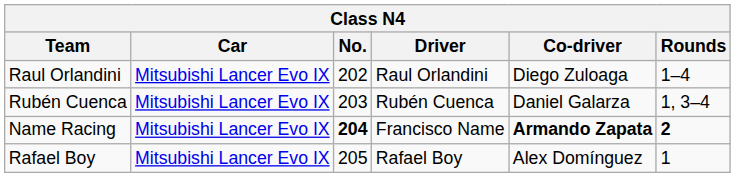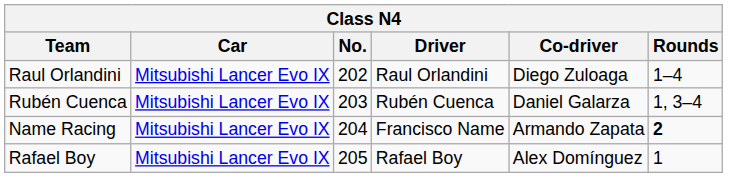 <table class="wikitable" style="font-size: 85%;">
 <tr>
 <th colspan=6>Class N4</th>
 </tr>
 <tr>
 <th>Team</th>
 <th>Car</th>
 <th>No.</th>
 <th>Driver</th>
 <th>Co-driver</th>
 <th>Rounds</th>
 </tr>
 <tr>
 <td> Raul Orlandini</td>
 <td><a href='#'>Mitsubishi Lancer Evo IX</a></td>
 <td>202</td>
 <td> Raul Orlandini</td>
 <td> Diego Zuloaga</td>
 <td>1–4</td>
 </tr>
 <tr>
 <td> Rubén Cuenca</td>
 <td><a href='#'>Mitsubishi Lancer Evo IX</a></td>
 <td>203</td>
 <td> Rubén Cuenca</td>
 <td> Daniel Galarza</td>
 <td>1, 3–4</td>
 </tr>
 <tr>
 <td> Name Racing</td>
 <td><a href='#'>Mitsubishi Lancer Evo IX</a></td>
-<td><strong>204</strong></td>
+<td>204</td>
 <td> Francisco Name</td>
-<td><strong> Armando Zapata</strong></td>
+<td> Armando Zapata</td>
 <td><strong>2</strong></td>
 </tr>
 <tr>
 <td> Rafael Boy</td>
 <td><a href='#'>Mitsubishi Lancer Evo IX</a></td>
 <td>205</td>
 <td> Rafael Boy</td>
 <td> Alex Domínguez</td>
 <td>1</td>
 </tr>
 </table>
